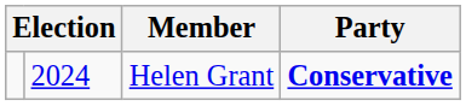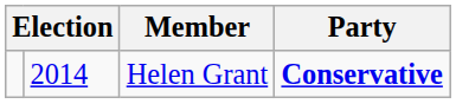 <table class="wikitable">
 <tr>
 <th colspan="2">Election</th>
 <th>Member</th>
 <th>Party</th>
 </tr>
 <tr>
 <td style="color:inherit;background-color: "></td>
-<td><a href='#'>2024</a></td>
+<td><a href='#'>2014</a></td>
 <td><a href='#'>Helen Grant</a></td>
 <td><strong><a href='#'>Conservative</a></strong></td>
 </tr>
 </table>
